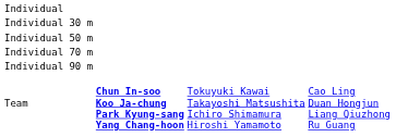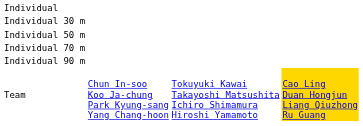 <table>
 <tr>
 <td>Individual</td>
 <td></td>
 <td></td>
 <td></td>
 </tr>
 <tr>
 <td>Individual 30 m</td>
 <td></td>
 <td></td>
 <td></td>
 </tr>
 <tr>
 <td>Individual 50 m</td>
 <td></td>
 <td></td>
 <td></td>
 </tr>
 <tr>
 <td>Individual 70 m</td>
 <td></td>
 <td></td>
 <td></td>
 </tr>
 <tr>
 <td>Individual 90 m</td>
 <td></td>
 <td></td>
 <td></td>
 </tr>
 <tr>
 <td>Team</td>
-<td><strong><br><a href='#'>Chun In-soo</a><br><a href='#'>Koo Ja-chung</a><br><a href='#'>Park Kyung-sang</a><br><a href='#'>Yang Chang-hoon</a></strong></td>
+<td><br><a href='#'>Chun In-soo</a><br><a href='#'>Koo Ja-chung</a><br><a href='#'>Park Kyung-sang</a><br><a href='#'>Yang Chang-hoon</a></td>
 <td><br><a href='#'>Tokuyuki Kawai</a><br><a href='#'>Takayoshi Matsushita</a><br><a href='#'>Ichiro Shimamura</a><br><a href='#'>Hiroshi Yamamoto</a></td>
-<td><br><a href='#'>Cao Ling</a><br><a href='#'>Duan Hongjun</a><br><a href='#'>Liang Qiuzhong</a><br><a href='#'>Ru Guang</a></td>
+<td style="background: gold;"><br><a href='#'>Cao Ling</a><br><a href='#'>Duan Hongjun</a><br><a href='#'>Liang Qiuzhong</a><br><a href='#'>Ru Guang</a></td>
 </tr>
 </table>
